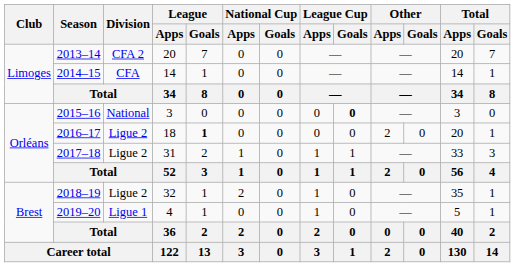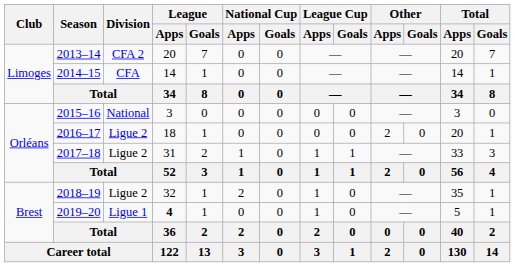 <table class="wikitable" style="text-align: center">
 <tr>
 <th rowspan="2">Club</th>
 <th rowspan="2">Season</th>
 <th rowspan="2">Division</th>
 <th colspan="2">League</th>
 <th colspan="2">National Cup</th>
 <th colspan="2">League Cup</th>
 <th colspan="2">Other</th>
 <th colspan="2">Total</th>
 </tr>
 <tr>
 <th>Apps</th>
 <th>Goals</th>
 <th>Apps</th>
 <th>Goals</th>
 <th>Apps</th>
 <th>Goals</th>
 <th>Apps</th>
 <th>Goals</th>
 <th>Apps</th>
 <th>Goals</th>
 </tr>
 <tr>
 <td rowspan="3"><a href='#'>Limoges</a></td>
 <td><a href='#'>2013–14</a></td>
 <td><a href='#'>CFA 2</a></td>
 <td>20</td>
 <td>7</td>
 <td>0</td>
 <td>0</td>
 <td colspan="2">—</td>
 <td colspan="2">—</td>
 <td>20</td>
 <td>7</td>
 </tr>
 <tr>
 <td><a href='#'>2014–15</a></td>
 <td><a href='#'>CFA</a></td>
 <td>14</td>
 <td>1</td>
 <td>0</td>
 <td>0</td>
 <td colspan="2">—</td>
 <td colspan="2">—</td>
 <td>14</td>
 <td>1</td>
 </tr>
 <tr>
 <th colspan="2">Total</th>
 <th>34</th>
 <th>8</th>
 <th>0</th>
 <th>0</th>
 <th colspan="2">—</th>
 <th colspan="2">—</th>
 <th>34</th>
 <th>8</th>
 </tr>
 <tr>
 <td rowspan="4"><a href='#'>Orléans</a></td>
 <td><a href='#'>2015–16</a></td>
 <td><a href='#'>National</a></td>
 <td>3</td>
 <td>0</td>
 <td>0</td>
 <td>0</td>
 <td>0</td>
-<td><strong>0</strong></td>
+<td>0</td>
 <td colspan="2">—</td>
 <td>3</td>
 <td>0</td>
 </tr>
 <tr>
 <td><a href='#'>2016–17</a></td>
 <td><a href='#'>Ligue 2</a></td>
 <td>18</td>
-<td><strong>1</strong></td>
+<td>1</td>
 <td>0</td>
 <td>0</td>
 <td>0</td>
 <td>0</td>
 <td>2</td>
 <td>0</td>
 <td>20</td>
 <td>1</td>
 </tr>
 <tr>
 <td><a href='#'>2017–18</a></td>
 <td>Ligue 2</td>
 <td>31</td>
 <td>2</td>
 <td>1</td>
 <td>0</td>
 <td>1</td>
 <td>1</td>
 <td colspan="2">—</td>
 <td>33</td>
 <td>3</td>
 </tr>
 <tr>
 <th colspan="2">Total</th>
 <th>52</th>
 <th>3</th>
 <th>1</th>
 <th>0</th>
 <th>1</th>
 <th>1</th>
 <th>2</th>
 <th>0</th>
 <th>56</th>
 <th>4</th>
 </tr>
 <tr>
 <td rowspan="3"><a href='#'>Brest</a></td>
 <td><a href='#'>2018–19</a></td>
 <td>Ligue 2</td>
 <td>32</td>
 <td>1</td>
 <td>2</td>
 <td>0</td>
 <td>1</td>
 <td>0</td>
 <td colspan="2">—</td>
 <td>35</td>
 <td>1</td>
 </tr>
 <tr>
 <td><a href='#'>2019–20</a></td>
 <td><a href='#'>Ligue 1</a></td>
-<td>4</td>
+<td><strong>4</strong></td>
 <td>1</td>
 <td>0</td>
 <td>0</td>
 <td>1</td>
 <td>0</td>
 <td colspan="2">—</td>
 <td>5</td>
 <td>1</td>
 </tr>
 <tr>
 <th colspan="2">Total</th>
 <th>36</th>
 <th>2</th>
 <th>2</th>
 <th>0</th>
 <th>2</th>
 <th>0</th>
 <th>0</th>
 <th>0</th>
 <th>40</th>
 <th>2</th>
 </tr>
 <tr>
 <th colspan="3">Career total</th>
 <th>122</th>
 <th>13</th>
 <th>3</th>
 <th>0</th>
 <th>3</th>
 <th>1</th>
 <th>2</th>
 <th>0</th>
 <th>130</th>
 <th>14</th>
 </tr>
 </table>
